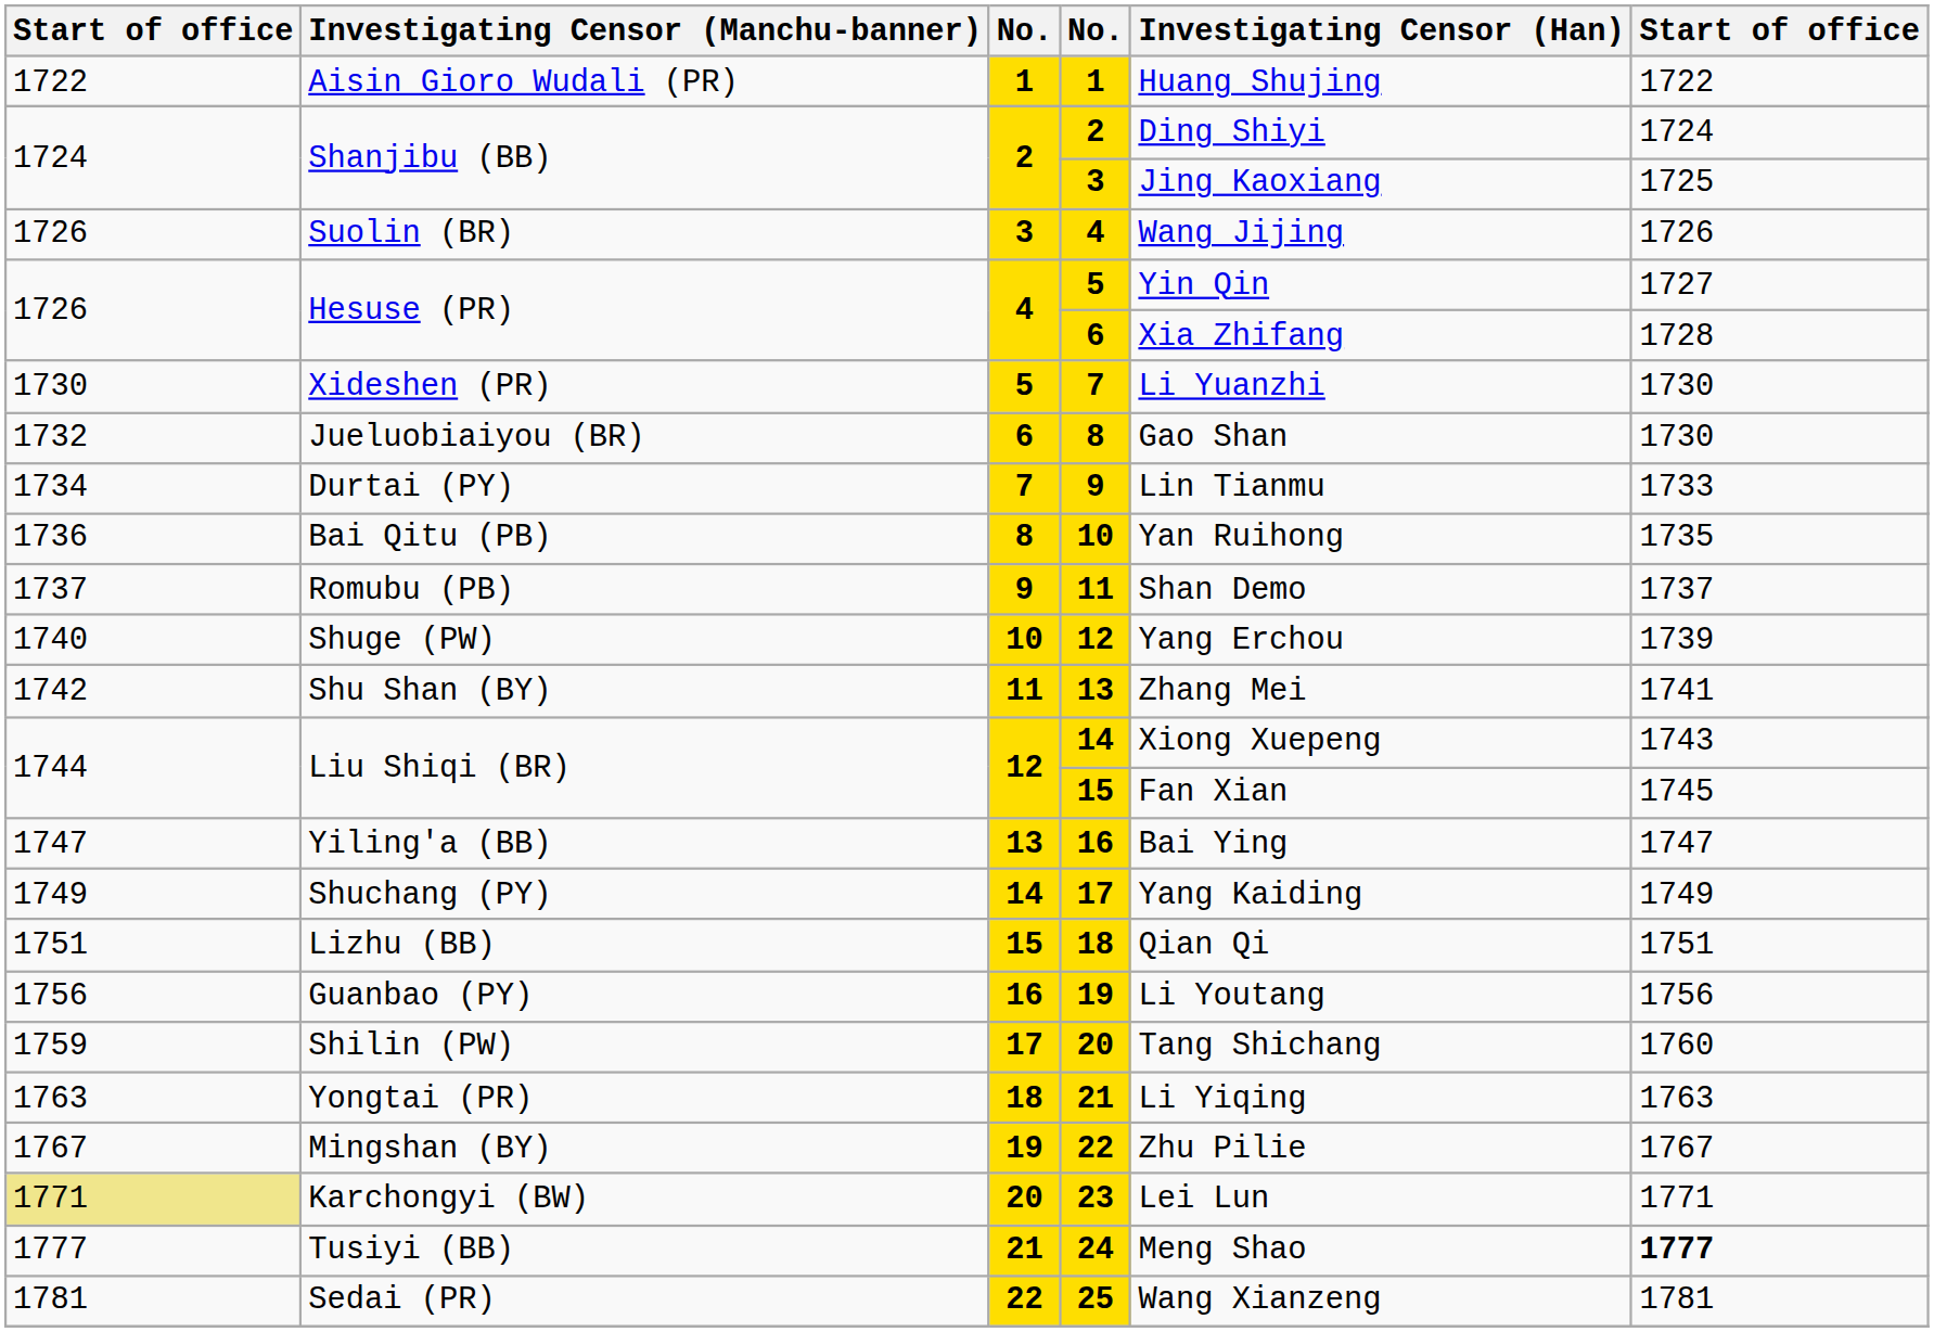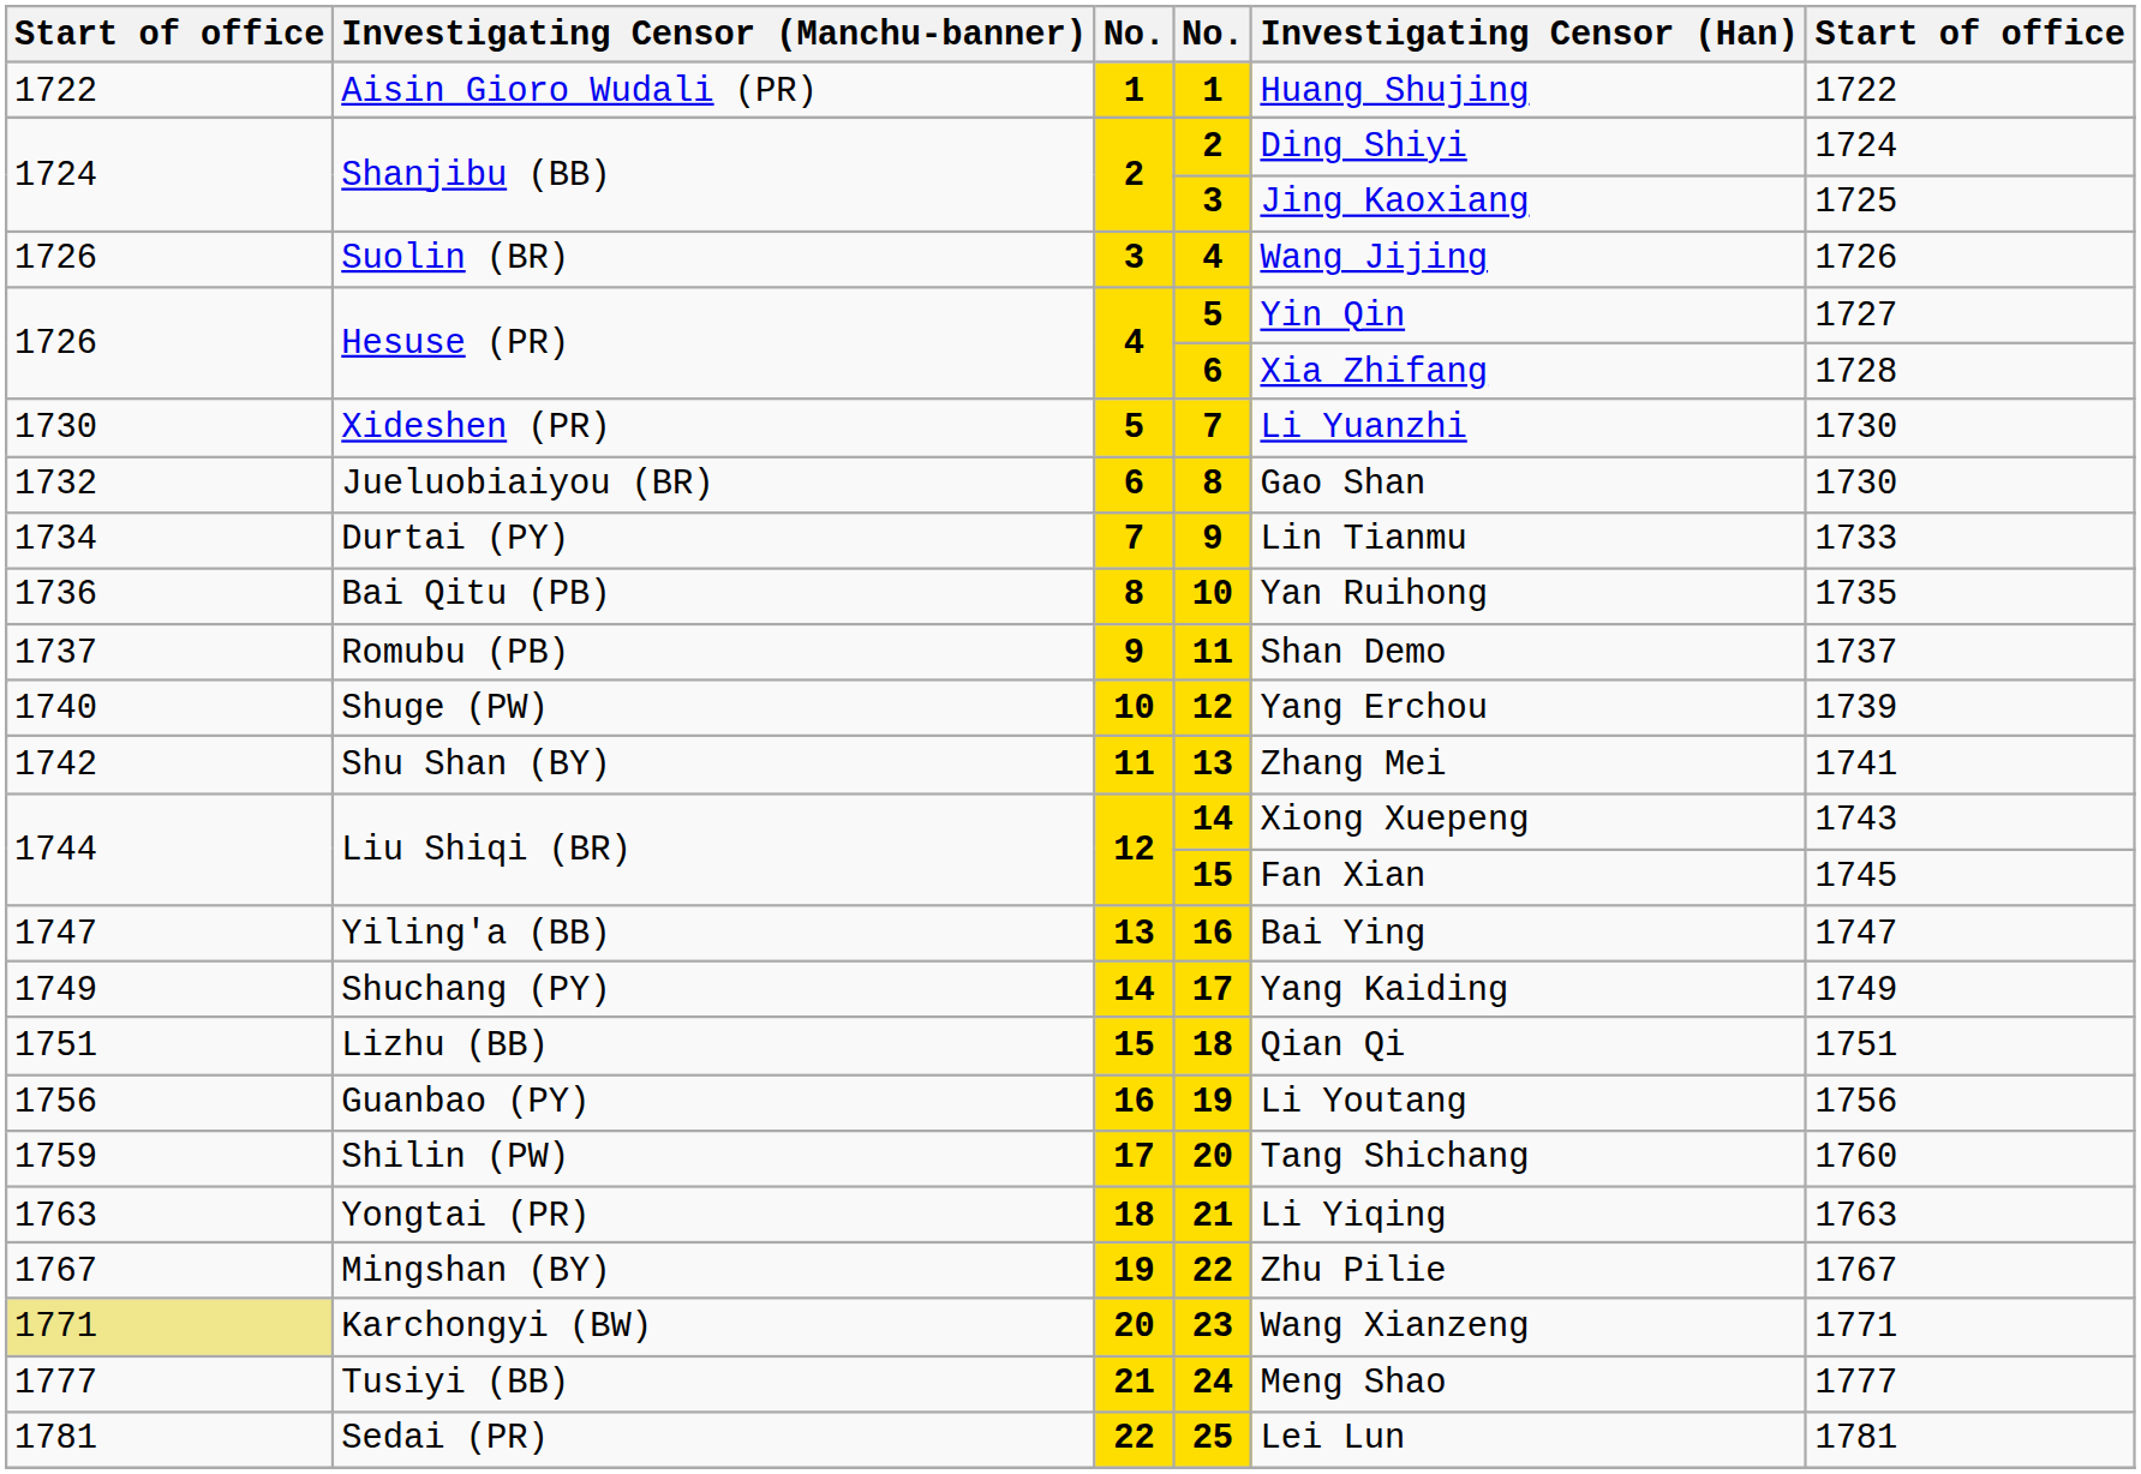 <table class="wikitable">
 <tr>
 <th>Start of office</th>
 <th>Investigating Censor (Manchu-banner)</th>
 <th>No.</th>
 <th>No.</th>
 <th>Investigating Censor (Han)</th>
 <th>Start of office</th>
 </tr>
 <tr>
 <td>1722</td>
 <td><a href='#'>Aisin Gioro Wudali</a> (PR)</td>
 <th style="background:#FEDE00; color:black;">1</th>
 <th style="background:#FEDE00; color:black;">1</th>
 <td><a href='#'>Huang Shujing</a></td>
 <td>1722</td>
 </tr>
 <tr>
 </tr>
 <tr>
 <td rowspan=2>1724</td>
 <td rowspan=2><a href='#'>Shanjibu</a> (BB)</td>
 <th style="background:#FEDE00; color:black;" rowspan=2>2</th>
 <th style="background:#FEDE00; color:black;">2</th>
 <td><a href='#'>Ding Shiyi</a></td>
 <td>1724</td>
 </tr>
 <tr>
 <th style="background:#FEDE00; color:black;">3</th>
 <td><a href='#'>Jing Kaoxiang</a></td>
 <td>1725</td>
 </tr>
 <tr>
 <td>1726</td>
 <td><a href='#'>Suolin</a> (BR)</td>
 <th style="background:#FEDE00; color:black;">3</th>
 <th style="background:#FEDE00; color:black;" rowspan=2>4</th>
 <td rowspan=2><a href='#'>Wang Jijing</a></td>
 <td rowspan=2>1726</td>
 </tr>
 <tr>
 <td rowspan=3>1726</td>
 <td rowspan=3><a href='#'>Hesuse</a> (PR)</td>
 <th style="background:#FEDE00; color:black;" rowspan=3>4</th>
 </tr>
 <tr>
 <th style="background:#FEDE00; color:black;">5</th>
 <td><a href='#'>Yin Qin</a></td>
 <td>1727</td>
 </tr>
 <tr>
 <th style="background:#FEDE00; color:black;">6</th>
 <td><a href='#'>Xia Zhifang</a></td>
 <td>1728</td>
 </tr>
 <tr>
 <td rowspan=2>1730</td>
 <td rowspan=2><a href='#'>Xideshen</a> (PR)</td>
 <th style="background:#FEDE00; color:black;" rowspan=2>5</th>
 <th style="background:#FEDE00; color:black;">7</th>
 <td><a href='#'>Li Yuanzhi</a></td>
 <td>1730</td>
 </tr>
 <tr>
 <th style="background:#FEDE00; color:black;" rowspan=2>8</th>
 <td rowspan=2>Gao Shan</td>
 <td rowspan=2>1730</td>
 </tr>
 <tr>
 <td rowspan=2>1732</td>
 <td rowspan=2>Jueluobiaiyou (BR)</td>
 <th style="background:#FEDE00; color:black;" rowspan=2>6</th>
 </tr>
 <tr>
 <th style="background:#FEDE00; color:black;" rowspan=2>9</th>
 <td rowspan=2>Lin Tianmu</td>
 <td rowspan=2>1733</td>
 </tr>
 <tr>
 <td rowspan=2>1734</td>
 <td rowspan=2>Durtai (PY)</td>
 <th style="background:#FEDE00; color:black;" rowspan=2>7</th>
 </tr>
 <tr>
 <th style="background:#FEDE00; color:black;" rowspan=2>10</th>
 <td rowspan=2>Yan Ruihong</td>
 <td rowspan=2>1735</td>
 </tr>
 <tr>
 <td>1736</td>
 <td>Bai Qitu (PB)</td>
 <th style="background:#FEDE00; color:black;">8</th>
 </tr>
 <tr>
 <td rowspan=2>1737</td>
 <td rowspan=2>Romubu (PB)</td>
 <th style="background:#FEDE00; color:black;" rowspan=2>9</th>
 <th style="background:#FEDE00; color:black;">11</th>
 <td>Shan Demo</td>
 <td>1737</td>
 </tr>
 <tr>
 <th style="background:#FEDE00; color:black;" rowspan=2>12</th>
 <td rowspan=2>Yang Erchou</td>
 <td rowspan=2>1739</td>
 </tr>
 <tr>
 <td rowspan=2>1740</td>
 <td rowspan=2>Shuge (PW)</td>
 <th style="background:#FEDE00; color:black;" rowspan=2>10</th>
 </tr>
 <tr>
 <th style="background:#FEDE00; color:black;" rowspan=2>13</th>
 <td rowspan=2>Zhang Mei</td>
 <td rowspan=2>1741</td>
 </tr>
 <tr>
 <td rowspan=2>1742</td>
 <td rowspan=2>Shu Shan (BY)</td>
 <th style="background:#FEDE00; color:black;" rowspan=2>11</th>
 </tr>
 <tr>
 <th style="background:#FEDE00; color:black;" rowspan=2>14</th>
 <td rowspan=2>Xiong Xuepeng</td>
 <td rowspan=2>1743</td>
 </tr>
 <tr>
 <td rowspan=2>1744</td>
 <td rowspan=2>Liu Shiqi (BR)</td>
 <th style="background:#FEDE00; color:black;" rowspan=2>12</th>
 </tr>
 <tr>
 <th style="background:#FEDE00; color:black;">15</th>
 <td>Fan Xian</td>
 <td>1745</td>
 </tr>
 <tr>
 <td>1747</td>
 <td>Yiling'a (BB)</td>
 <th style="background:#FEDE00; color:black;">13</th>
 <th style="background:#FEDE00; color:black;">16</th>
 <td>Bai Ying</td>
 <td>1747</td>
 </tr>
 <tr>
 <td>1749</td>
 <td>Shuchang (PY)</td>
 <th style="background:#FEDE00; color:black;">14</th>
 <th style="background:#FEDE00; color:black;">17</th>
 <td>Yang Kaiding</td>
 <td>1749</td>
 </tr>
 <tr>
 <td>1751</td>
 <td>Lizhu (BB)</td>
 <th style="background:#FEDE00; color:black;">15</th>
 <th style="background:#FEDE00; color:black;">18</th>
 <td>Qian Qi</td>
 <td>1751</td>
 </tr>
 <tr>
 <td>1756</td>
 <td>Guanbao (PY)</td>
 <th style="background:#FEDE00; color:black;">16</th>
 <th style="background:#FEDE00; color:black;">19</th>
 <td>Li Youtang</td>
 <td>1756</td>
 </tr>
 <tr>
 <td>1759</td>
 <td>Shilin (PW)</td>
 <th style="background:#FEDE00; color:black;">17</th>
 <th style="background:#FEDE00; color:black;">20</th>
 <td>Tang Shichang</td>
 <td>1760</td>
 </tr>
 <tr>
 <td>1763</td>
 <td>Yongtai (PR)</td>
 <th style="background:#FEDE00; color:black;">18</th>
 <th style="background:#FEDE00; color:black;">21</th>
 <td>Li Yiqing</td>
 <td>1763</td>
 </tr>
 <tr>
 <td>1767</td>
 <td>Mingshan (BY)</td>
 <th style="background:#FEDE00; color:black;">19</th>
 <th style="background:#FEDE00; color:black;">22</th>
 <td>Zhu Pilie</td>
 <td>1767</td>
 </tr>
 <tr>
 <td style="background: khaki;">1771</td>
 <td>Karchongyi (BW)</td>
 <th style="background:#FEDE00; color:black;">20</th>
 <th style="background:#FEDE00; color:black;">23</th>
-<td>Lei Lun</td>
+<td>Wang Xianzeng</td>
 <td>1771</td>
 </tr>
 <tr>
 <td>1777</td>
 <td>Tusiyi (BB)</td>
 <th style="background:#FEDE00; color:black;">21</th>
 <th style="background:#FEDE00; color:black;">24</th>
 <td>Meng Shao</td>
-<td><strong>1777</strong></td>
+<td>1777</td>
 </tr>
 <tr>
 <td>1781</td>
 <td>Sedai (PR)</td>
 <th style="background:#FEDE00; color:black;">22</th>
 <th style="background:#FEDE00; color:black;">25</th>
-<td>Wang Xianzeng</td>
+<td>Lei Lun</td>
 <td>1781</td>
 </tr>
 <tr>
 </tr>
 </table>
